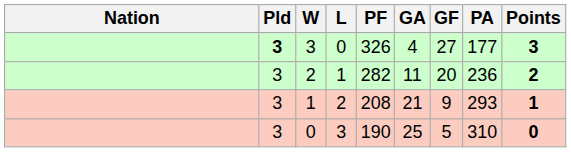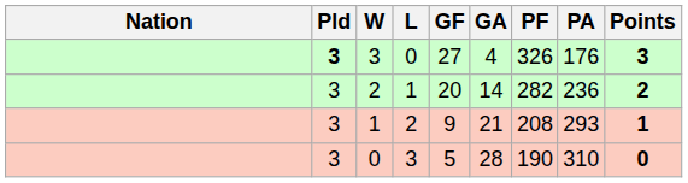 <table class=wikitable style="text-align:center">
 <tr>
 <th width=220>Nation</th>
 <th width=20>Pld</th>
 <th width=20>W</th>
 <th width=20>L</th>
+<th width=20>GF</th>
+<th width=20>GA</th>
 <th width=20>PF</th>
-<th width=20>GA</th>
-<th width=20>GF</th>
 <th width=20>PA</th>
 <th width=50>Points</th>
 </tr>
 <tr bgcolor="#ccffcc">
 <td align=left></td>
 <td><strong>3</strong></td>
 <td>3</td>
 <td>0</td>
+<td>27</td>
+<td>4</td>
 <td>326</td>
-<td>4</td>
-<td>27</td>
-<td>177</td>
+<td>176</td>
 <td><strong>3</strong></td>
 </tr>
 <tr bgcolor="#ccffcc">
 <td align=left></td>
 <td>3</td>
 <td>2</td>
 <td>1</td>
+<td>20</td>
+<td>14</td>
 <td>282</td>
-<td>11</td>
-<td>20</td>
 <td>236</td>
 <td><strong>2</strong></td>
 </tr>
 <tr bgcolor="#fcccc">
 <td align=left></td>
 <td>3</td>
 <td>1</td>
 <td>2</td>
+<td>9</td>
+<td>21</td>
 <td>208</td>
-<td>21</td>
-<td>9</td>
 <td>293</td>
 <td><strong>1</strong></td>
 </tr>
 <tr bgcolor="#fcccc">
 <td align=left></td>
 <td>3</td>
 <td>0</td>
 <td>3</td>
+<td>5</td>
+<td>28</td>
 <td>190</td>
-<td>25</td>
-<td>5</td>
 <td>310</td>
 <td><strong>0</strong></td>
 </tr>
 </table>
